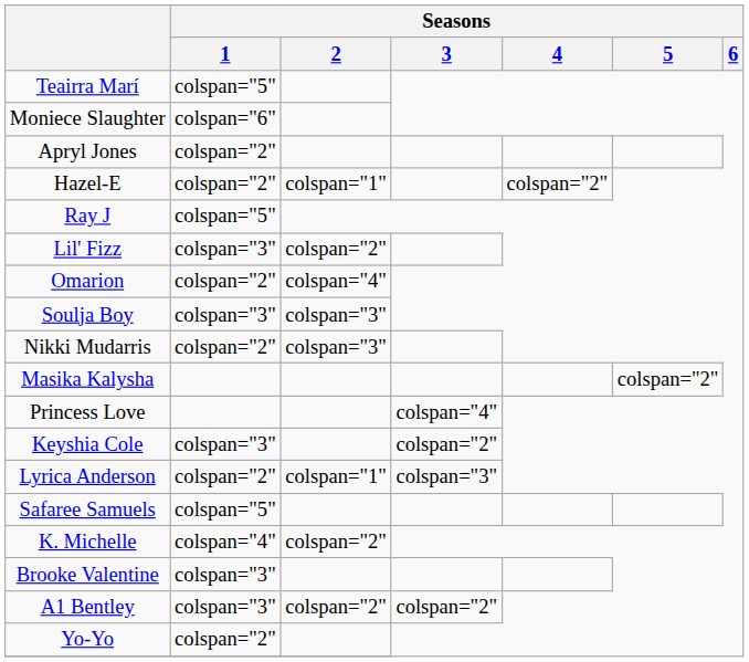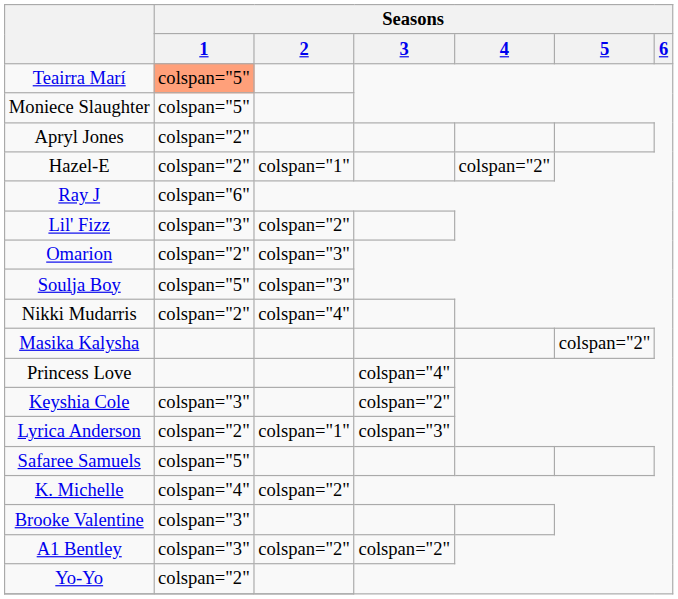 <table class="wikitable plainrowheaders" style="text-align:center;">
 <tr>
 <th rowspan="2" scope="col"></th>
 <th scope="col" colspan="6">Seasons</th>
 </tr>
 <tr>
 <th scope="col"><a href='#'>1</a></th>
 <th scope="col"><a href='#'>2</a></th>
 <th scope="col"><a href='#'>3</a></th>
 <th scope="col"><a href='#'>4</a></th>
 <th scope="col"><a href='#'>5</a></th>
 <th scope="col"><a href='#'>6</a></th>
 </tr>
 <tr>
 <td scope="row"><a href='#'>Teairra Marí</a></td>
-<td>colspan="5" </td>
+<td style="background: lightsalmon;">colspan="5" </td>
 <td></td>
 </tr>
 <tr>
 <td nowrap>Moniece Slaughter</td>
-<td>colspan="6" </td>
+<td>colspan="5" </td>
 <td></td>
 </tr>
 <tr>
 <td scope="row">Apryl Jones</td>
 <td>colspan="2" </td>
 <td></td>
 <td></td>
 <td></td>
 <td></td>
 </tr>
 <tr>
 <td scope="row">Hazel-E</td>
 <td>colspan="2" </td>
 <td>colspan="1" </td>
 <td></td>
 <td>colspan="2" </td>
 </tr>
 <tr>
 <td scope="row"><a href='#'>Ray J</a></td>
-<td>colspan="5" </td>
+<td>colspan="6" </td>
 </tr>
 <tr>
 <td scope="row"><a href='#'>Lil' Fizz</a></td>
 <td>colspan="3" </td>
 <td>colspan="2" </td>
 <td></td>
 </tr>
 <tr>
 <td scope="row"><a href='#'>Omarion</a></td>
 <td>colspan="2" </td>
-<td>colspan="4" </td>
+<td>colspan="3" </td>
 </tr>
 <tr>
 <td scope="row"><a href='#'>Soulja Boy</a></td>
-<td>colspan="3" </td>
+<td>colspan="5" </td>
 <td>colspan="3" </td>
 </tr>
 <tr>
 <td scope="row">Nikki Mudarris</td>
 <td>colspan="2" </td>
-<td>colspan="3" </td>
+<td>colspan="4" </td>
 <td></td>
 </tr>
 <tr>
 <td scope="row"><a href='#'>Masika Kalysha</a></td>
 <td></td>
 <td></td>
 <td></td>
 <td></td>
 <td>colspan="2" </td>
 </tr>
 <tr>
 <td scope="row">Princess Love</td>
 <td></td>
 <td></td>
 <td>colspan="4" </td>
 </tr>
 <tr>
 <td scope="row"><a href='#'>Keyshia Cole</a></td>
 <td>colspan="3" </td>
 <td></td>
 <td>colspan="2" </td>
 </tr>
 <tr>
 <td scope="row"><a href='#'>Lyrica Anderson</a></td>
 <td>colspan="2" </td>
 <td>colspan="1" </td>
 <td>colspan="3" </td>
 </tr>
 <tr>
 <td scope="row"><a href='#'>Safaree Samuels</a></td>
 <td>colspan="5" </td>
 <td></td>
 <td></td>
 <td></td>
 <td></td>
 </tr>
 <tr>
 <td scope="row"><a href='#'>K. Michelle</a></td>
 <td>colspan="4" </td>
 <td>colspan="2" </td>
 </tr>
 <tr>
 <td nowrap><a href='#'>Brooke Valentine</a></td>
 <td>colspan="3" </td>
 <td></td>
 <td></td>
 <td></td>
 </tr>
 <tr>
 <td scope="row"><a href='#'>A1 Bentley</a></td>
 <td>colspan="3" </td>
 <td>colspan="2" </td>
 <td>colspan="2" </td>
 </tr>
 <tr>
 <td scope="row"><a href='#'>Yo-Yo</a></td>
 <td>colspan="2" </td>
 <td></td>
 </tr>
 <tr>
 </tr>
 </table>
